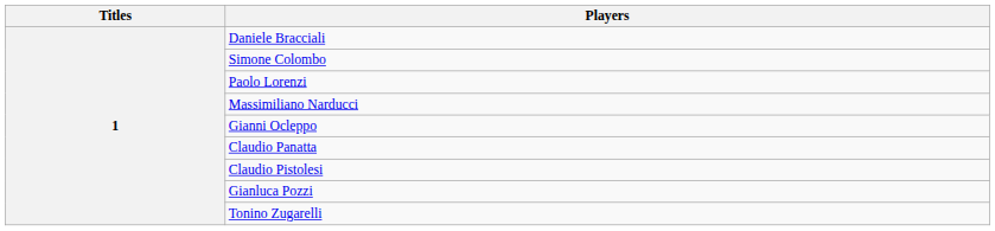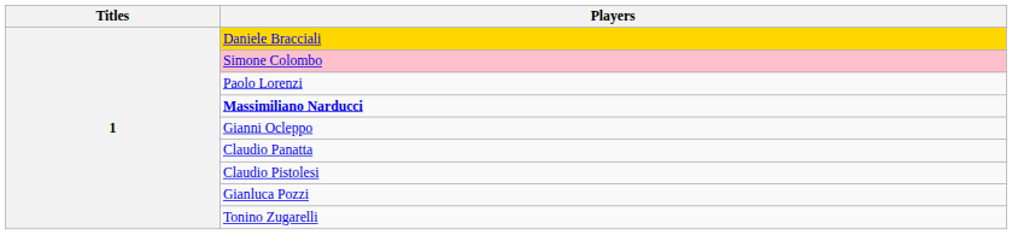 <table class="wikitable" width=90% style="font-size:100%; text-align:left;">
 <tr>
 <th>Titles</th>
 <th>Players</th>
 </tr>
 <tr>
 <th rowspan=9>1</th>
-<td><a href='#'>Daniele Bracciali</a></td>
+<td style="background: gold;"><a href='#'>Daniele Bracciali</a></td>
 </tr>
 <tr>
-<td><a href='#'>Simone Colombo</a></td>
+<td style="background: pink;"><a href='#'>Simone Colombo</a></td>
 </tr>
 <tr>
 <td><a href='#'>Paolo Lorenzi</a></td>
 </tr>
 <tr>
-<td><a href='#'>Massimiliano Narducci</a></td>
+<td><strong><a href='#'>Massimiliano Narducci</a></strong></td>
 </tr>
 <tr>
 <td><a href='#'>Gianni Ocleppo</a></td>
 </tr>
 <tr>
 <td><a href='#'>Claudio Panatta</a></td>
 </tr>
 <tr>
 <td><a href='#'>Claudio Pistolesi</a></td>
 </tr>
 <tr>
 <td><a href='#'>Gianluca Pozzi</a></td>
 </tr>
 <tr>
 <td><a href='#'>Tonino Zugarelli</a></td>
 </tr>
 </table>
